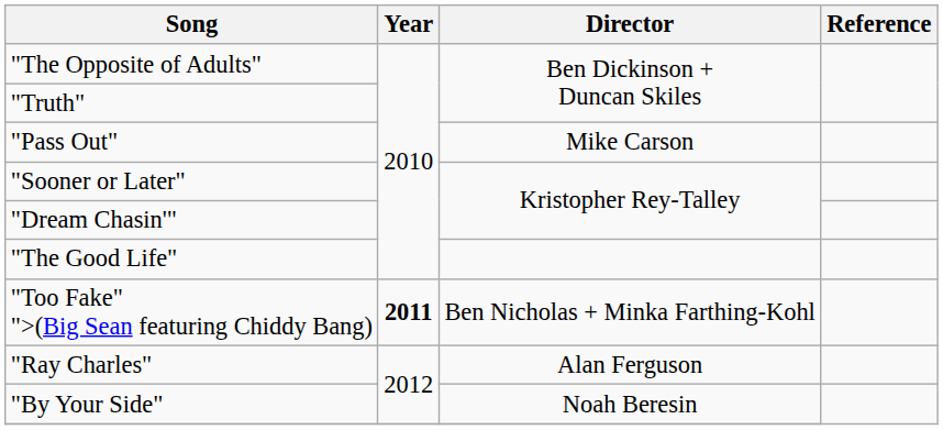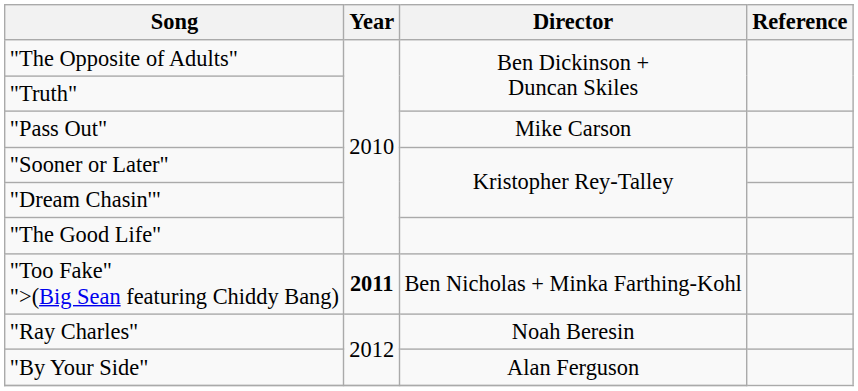 <table class="wikitable plainrowheaders" style="text-align:center;" border="1">
 <tr>
 <th scope="col">Song</th>
 <th scope="col">Year</th>
 <th scope="col">Director</th>
 <th scope="col">Reference</th>
 </tr>
 <tr>
 <td align="left">"The Opposite of Adults"</td>
 <td rowspan="6">2010</td>
 <td rowspan="2">Ben Dickinson +<br>Duncan Skiles</td>
 <td rowspan="2"></td>
 </tr>
 <tr>
 <td align="left">"Truth"</td>
 </tr>
 <tr>
 <td align="left">"Pass Out"</td>
 <td>Mike Carson</td>
 <td></td>
 </tr>
 <tr>
 <td align="left">"Sooner or Later"</td>
 <td rowspan="2">Kristopher Rey-Talley</td>
 <td></td>
 </tr>
 <tr>
 <td align="left">"Dream Chasin'"</td>
 <td></td>
 </tr>
 <tr>
 <td align="left">"The Good Life"</td>
 <td></td>
 <td></td>
 </tr>
 <tr>
 <td align="left">"Too Fake"<br><span>">(<a href='#'>Big Sean</a> featuring Chiddy Bang)</span></td>
 <td><strong>2011</strong></td>
 <td>Ben Nicholas + Minka Farthing-Kohl</td>
 <td></td>
 </tr>
 <tr>
 <td align="left">"Ray Charles"</td>
 <td rowspan="2">2012</td>
-<td>Alan Ferguson</td>
+<td>Noah Beresin</td>
 <td></td>
 </tr>
 <tr>
 <td align="left">"By Your Side"</td>
-<td>Noah Beresin</td>
+<td>Alan Ferguson</td>
 </tr>
 <tr>
 </tr>
 </table>
